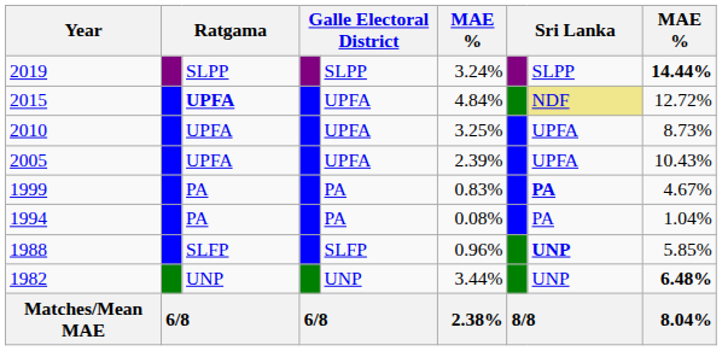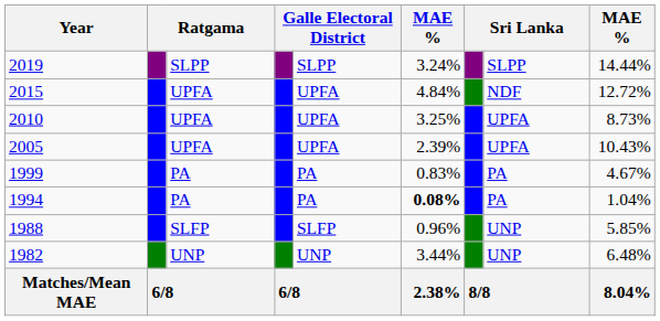 <table class="wikitable">
 <tr>
 <th>Year</th>
 <th colspan="2" width="144px">Ratgama</th>
 <th colspan="2" width="144px"><a href='#'>Galle Electoral District</a></th>
 <th><a href='#'>MAE</a> %</th>
 <th colspan="2" width="144px">Sri Lanka</th>
 <th>MAE %</th>
 </tr>
 <tr>
 <td><a href='#'>2019</a></td>
 <td style="background-color:purple;" width="10px"></td>
 <td style="text-align:left;"><a href='#'>SLPP</a></td>
 <td style="background-color:purple;" width="10px"></td>
 <td style="text-align:left;"><a href='#'>SLPP</a></td>
 <td style="text-align:right;">3.24%</td>
 <td style="background-color:purple;" width="10px"></td>
 <td style="text-align:left;"><a href='#'>SLPP</a></td>
-<td style="text-align:right;"><strong>14.44%</strong></td>
+<td style="text-align:right;">14.44%</td>
 </tr>
 <tr>
 <td><a href='#'>2015</a></td>
 <td style="background-color:blue;" width="10px"></td>
-<td style="text-align:left;"><strong><a href='#'>UPFA</a></strong></td>
+<td style="text-align:left;"><a href='#'>UPFA</a></td>
 <td style="background-color:blue;" width="10px"></td>
 <td style="text-align:left;"><a href='#'>UPFA</a></td>
 <td style="text-align:right;">4.84%</td>
 <td style="background-color:green;" width="10px"></td>
-<td style="background: khaki; text-align:left;"><a href='#'>NDF</a></td>
+<td style="text-align:left;"><a href='#'>NDF</a></td>
 <td style="text-align:right;">12.72%</td>
 </tr>
 <tr>
 <td><a href='#'>2010</a></td>
 <td style="background-color:blue;" width="10px"></td>
 <td style="text-align:left;"><a href='#'>UPFA</a></td>
 <td style="background-color:blue;" width="10px"></td>
 <td style="text-align:left;"><a href='#'>UPFA</a></td>
 <td style="text-align:right;">3.25%</td>
 <td style="background-color:blue;" width="10px"></td>
 <td style="text-align:left;"><a href='#'>UPFA</a></td>
 <td style="text-align:right;">8.73%</td>
 </tr>
 <tr>
 <td><a href='#'>2005</a></td>
 <td style="background-color:blue;" width="10px"></td>
 <td style="text-align:left;"><a href='#'>UPFA</a></td>
 <td style="background-color:blue;" width="10px"></td>
 <td style="text-align:left;"><a href='#'>UPFA</a></td>
 <td style="text-align:right;">2.39%</td>
 <td style="background-color:blue;" width="10px"></td>
 <td style="text-align:left;"><a href='#'>UPFA</a></td>
 <td style="text-align:right;">10.43%</td>
 </tr>
 <tr>
 <td><a href='#'>1999</a></td>
 <td style="background-color:blue;" width="10px"></td>
 <td style="text-align:left;"><a href='#'>PA</a></td>
 <td style="background-color:blue;" width="10px"></td>
 <td style="text-align:left;"><a href='#'>PA</a></td>
 <td style="text-align:right;">0.83%</td>
 <td style="background-color:blue;" width="10px"></td>
-<td style="text-align:left;"><strong><a href='#'>PA</a></strong></td>
+<td style="text-align:left;"><a href='#'>PA</a></td>
 <td style="text-align:right;">4.67%</td>
 </tr>
 <tr>
 <td><a href='#'>1994</a></td>
 <td style="background-color:blue;" width="10px"></td>
 <td style="text-align:left;"><a href='#'>PA</a></td>
 <td style="background-color:blue;" width="10px"></td>
 <td style="text-align:left;"><a href='#'>PA</a></td>
-<td style="text-align:right;">0.08%</td>
+<td style="text-align:right;"><strong>0.08%</strong></td>
 <td style="background-color:blue;" width="10px"></td>
 <td style="text-align:left;"><a href='#'>PA</a></td>
 <td style="text-align:right;">1.04%</td>
 </tr>
 <tr>
 <td><a href='#'>1988</a></td>
 <td style="background-color:blue;" width="10px"></td>
 <td style="text-align:left;"><a href='#'>SLFP</a></td>
 <td style="background-color:blue;" width="10px"></td>
 <td style="text-align:left;"><a href='#'>SLFP</a></td>
 <td style="text-align:right;">0.96%</td>
 <td style="background-color:green;" width="10px"></td>
-<td style="text-align:left;"><strong><a href='#'>UNP</a></strong></td>
+<td style="text-align:left;"><a href='#'>UNP</a></td>
 <td style="text-align:right;">5.85%</td>
 </tr>
 <tr>
 <td><a href='#'>1982</a></td>
 <td style="background-color:green;" width="10px"></td>
 <td style="text-align:left;"><a href='#'>UNP</a></td>
 <td style="background-color:green;" width="10px"></td>
 <td style="text-align:left;"><a href='#'>UNP</a></td>
 <td style="text-align:right;">3.44%</td>
 <td style="background-color:green;" width="10px"></td>
 <td style="text-align:left;"><a href='#'>UNP</a></td>
-<td style="text-align:right;"><strong>6.48%</strong></td>
+<td style="text-align:right;">6.48%</td>
 </tr>
 <tr>
 <th>Matches/Mean MAE</th>
 <th style="text-align:left;"colspan="2" width="144px">6/8</th>
 <th style="text-align:left;"colspan="2" width="144px">6/8</th>
 <th style="text-align:right;">2.38%</th>
 <th style="text-align:left;"colspan="2" width="144px">8/8</th>
 <th style="text-align:right;">8.04%</th>
 </tr>
 </table>
